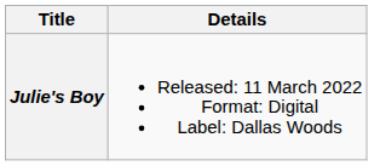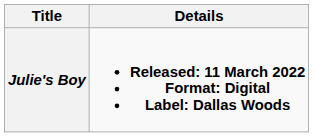 <table class="wikitable plainrowheaders" style="text-align:center;" border="1">
 <tr>
 <th>Title</th>
 <th>Details</th>
 </tr>
 <tr>
 <th scope="row"><em>Julie's Boy</em></th>
-<td><br><ul><li>Released: 11 March 2022</li><li>Format: Digital</li><li>Label: Dallas Woods</li></ul></td>
+<td><strong><br><ul><li>Released: 11 March 2022</li><li>Format: Digital</li><li>Label: Dallas Woods</li></ul></strong></td>
 </tr>
 </table>
